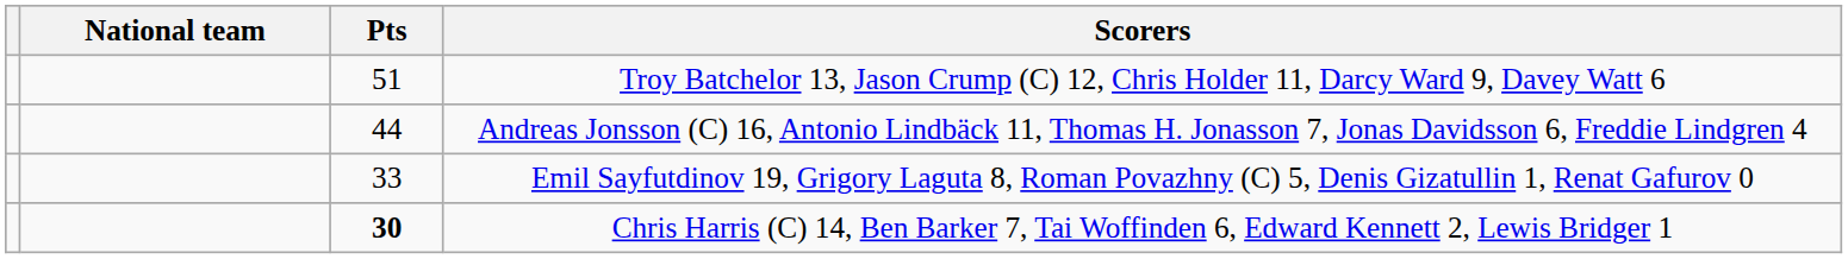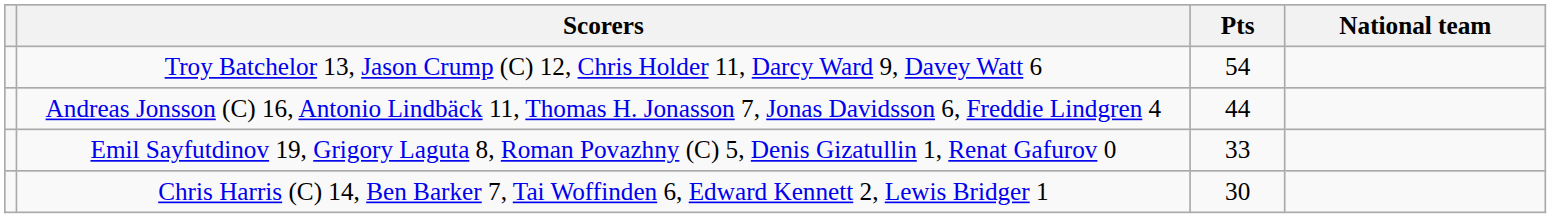 <table class=wikitable style="font-size: 95%">
 <tr>
 <th></th>
+<th width=700>Scorers</th>
+<th width=50>Pts</th>
 <th width=150>National team</th>
-<th width=50>Pts</th>
-<th width=700>Scorers</th>
 </tr>
 <tr align=center >
 <td></td>
+<td><a href='#'>Troy Batchelor</a> 13, <a href='#'>Jason Crump</a> (C) 12, <a href='#'>Chris Holder</a> 11, <a href='#'>Darcy Ward</a> 9, <a href='#'>Davey Watt</a> 6</td>
+<td>54</td>
 <td align=left></td>
-<td>51</td>
-<td><a href='#'>Troy Batchelor</a> 13, <a href='#'>Jason Crump</a> (C) 12, <a href='#'>Chris Holder</a> 11, <a href='#'>Darcy Ward</a> 9, <a href='#'>Davey Watt</a> 6</td>
 </tr>
 <tr align=center >
 <td></td>
+<td><a href='#'>Andreas Jonsson</a> (C) 16, <a href='#'>Antonio Lindbäck</a> 11, <a href='#'>Thomas H. Jonasson</a> 7, <a href='#'>Jonas Davidsson</a> 6, <a href='#'>Freddie Lindgren</a> 4</td>
+<td>44</td>
 <td align=left></td>
-<td>44</td>
-<td><a href='#'>Andreas Jonsson</a> (C) 16, <a href='#'>Antonio Lindbäck</a> 11, <a href='#'>Thomas H. Jonasson</a> 7, <a href='#'>Jonas Davidsson</a> 6, <a href='#'>Freddie Lindgren</a> 4</td>
 </tr>
 <tr align=center>
 <td></td>
+<td><a href='#'>Emil Sayfutdinov</a> 19, <a href='#'>Grigory Laguta</a> 8, <a href='#'>Roman Povazhny</a> (C) 5, <a href='#'>Denis Gizatullin</a> 1, <a href='#'>Renat Gafurov</a> 0</td>
+<td>33</td>
 <td align=left></td>
-<td>33</td>
-<td><a href='#'>Emil Sayfutdinov</a> 19, <a href='#'>Grigory Laguta</a> 8, <a href='#'>Roman Povazhny</a> (C) 5, <a href='#'>Denis Gizatullin</a> 1, <a href='#'>Renat Gafurov</a> 0</td>
 </tr>
 <tr align=center>
 <td></td>
+<td><a href='#'>Chris Harris</a> (C) 14, <a href='#'>Ben Barker</a> 7, <a href='#'>Tai Woffinden</a> 6, <a href='#'>Edward Kennett</a> 2, <a href='#'>Lewis Bridger</a> 1</td>
+<td>30</td>
 <td align=left></td>
-<td><strong>30</strong></td>
-<td><a href='#'>Chris Harris</a> (C) 14, <a href='#'>Ben Barker</a> 7, <a href='#'>Tai Woffinden</a> 6, <a href='#'>Edward Kennett</a> 2, <a href='#'>Lewis Bridger</a> 1</td>
 </tr>
 </table>
